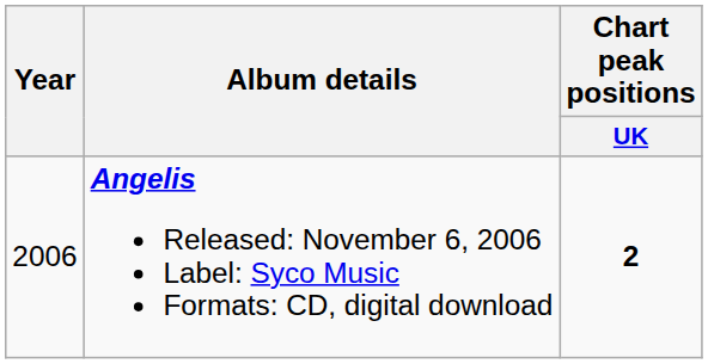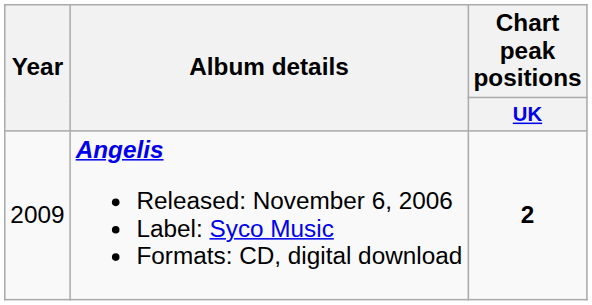 <table class=wikitable style=text-align:center;>
 <tr>
 <th rowspan=2>Year</th>
 <th rowspan=2>Album details</th>
 <th>Chart peak positions</th>
 </tr>
 <tr style=font-size:smaller;>
 <th width=50><a href='#'>UK</a><br></th>
 </tr>
 <tr>
-<td>2006</td>
+<td>2009</td>
 <td align=left><strong><em><a href='#'>Angelis</a></em></strong><br><ul><li>Released: November 6, 2006</li><li>Label: <a href='#'>Syco Music</a></li><li>Formats: CD, digital download</li></ul></td>
 <td><strong>2</strong></td>
 </tr>
 </table>
